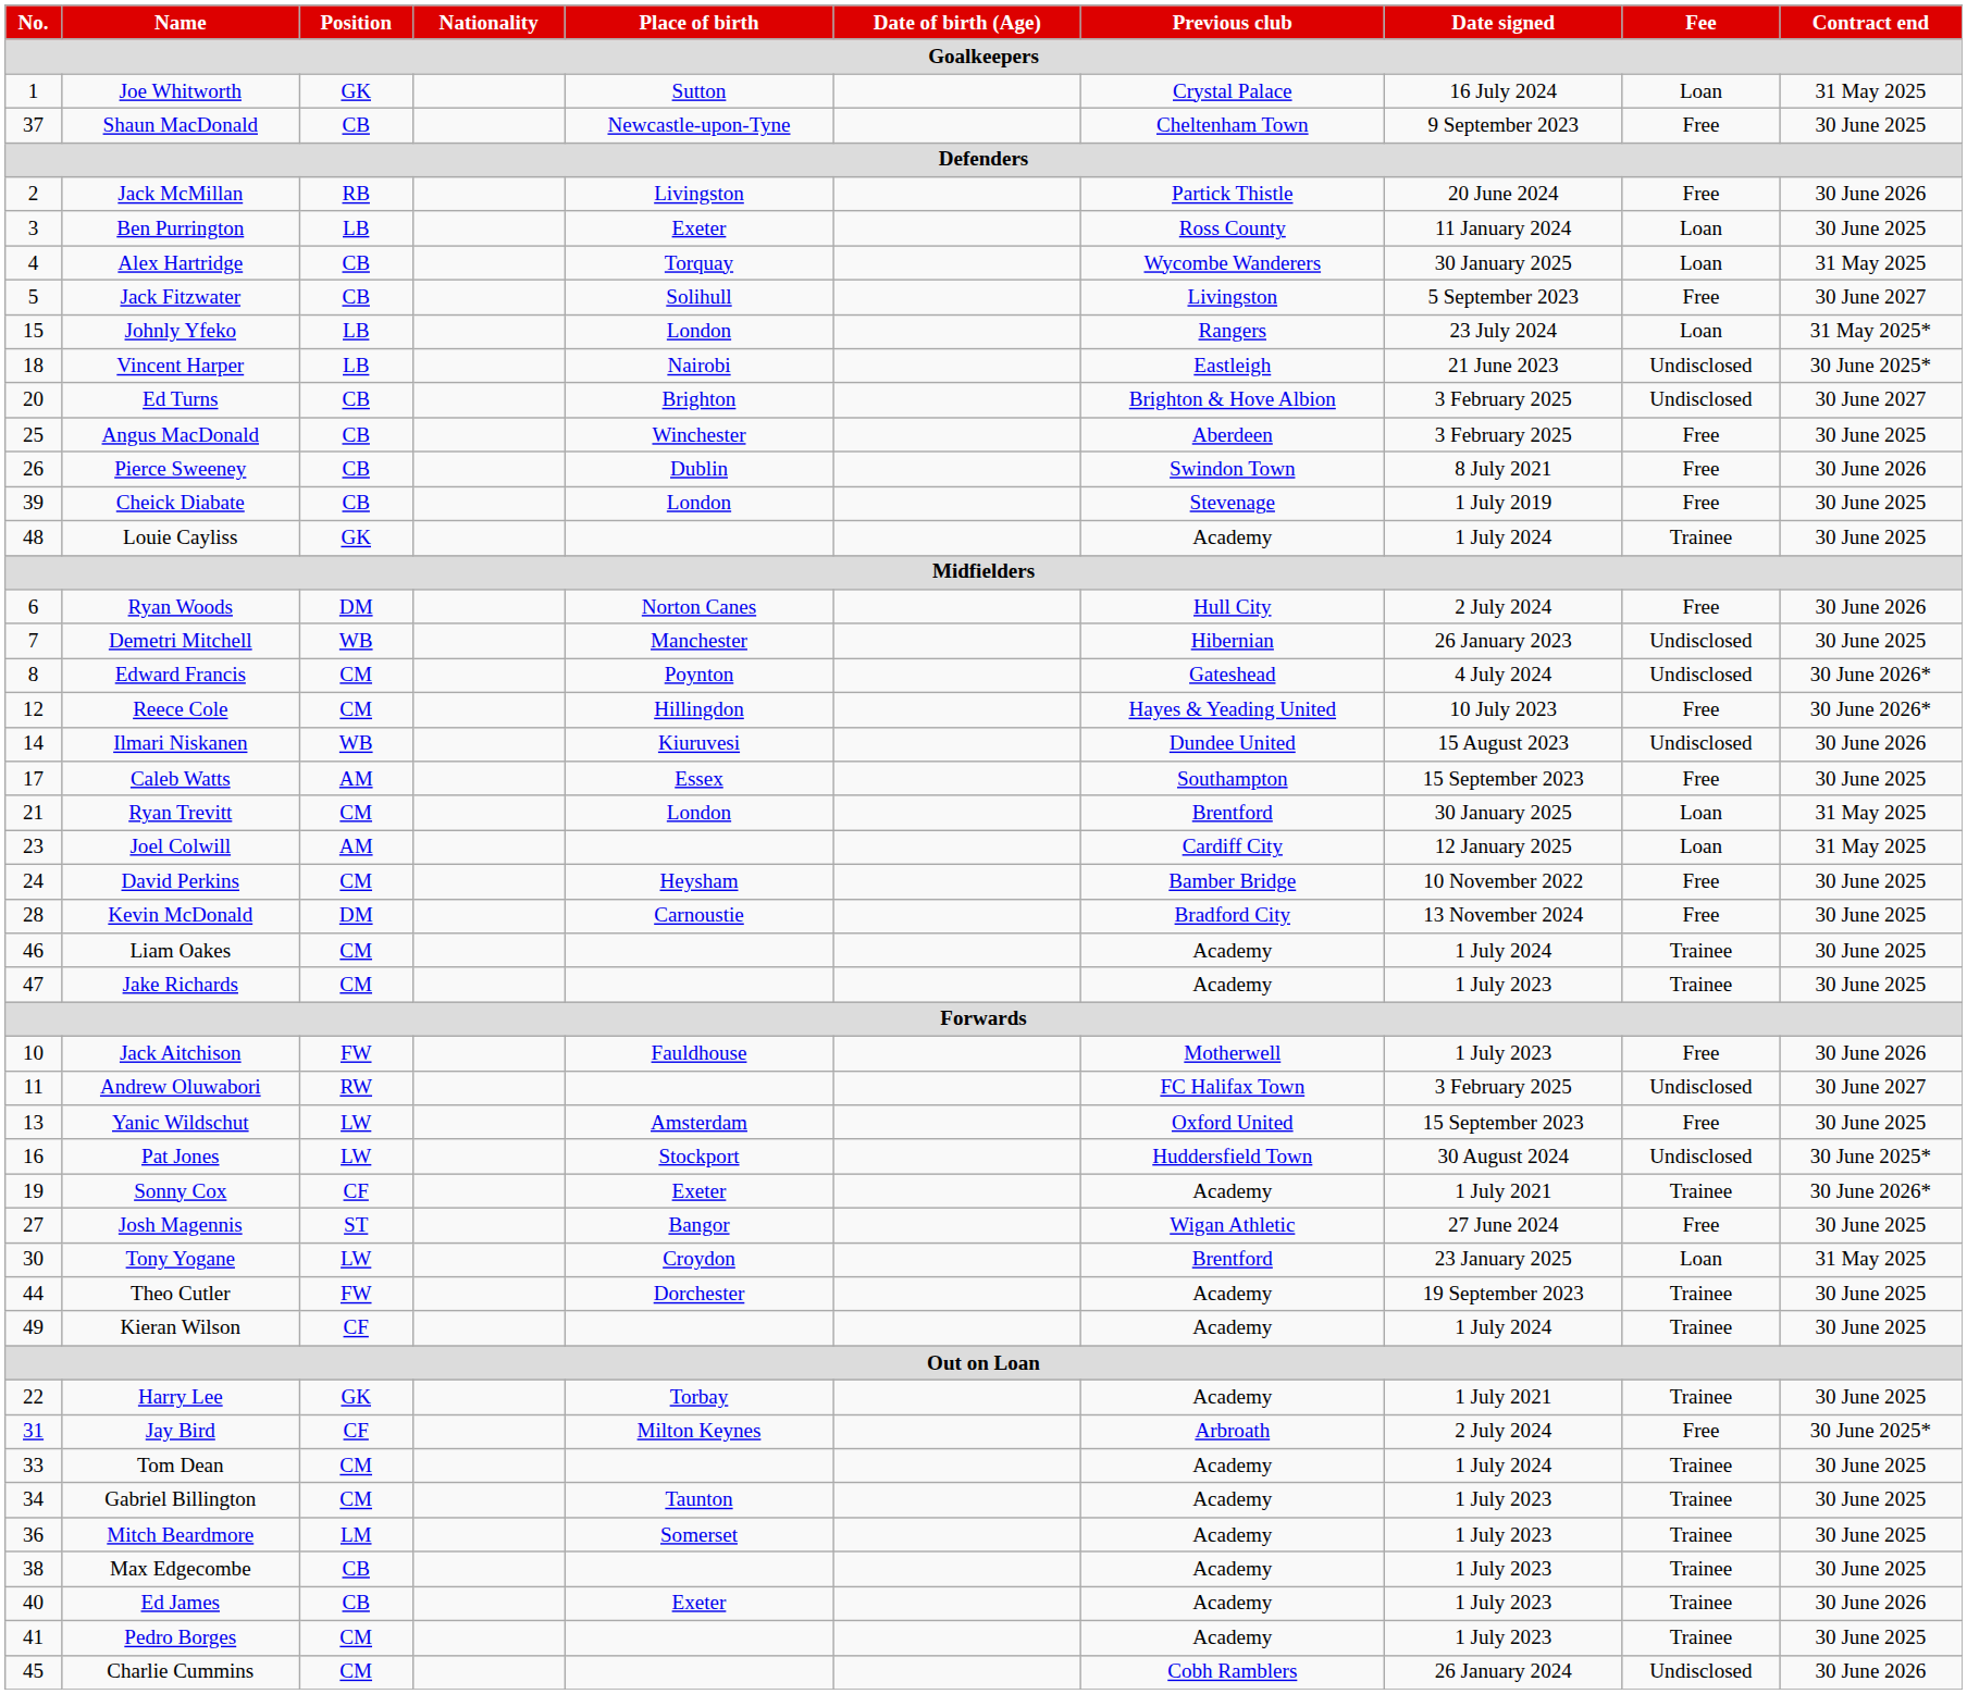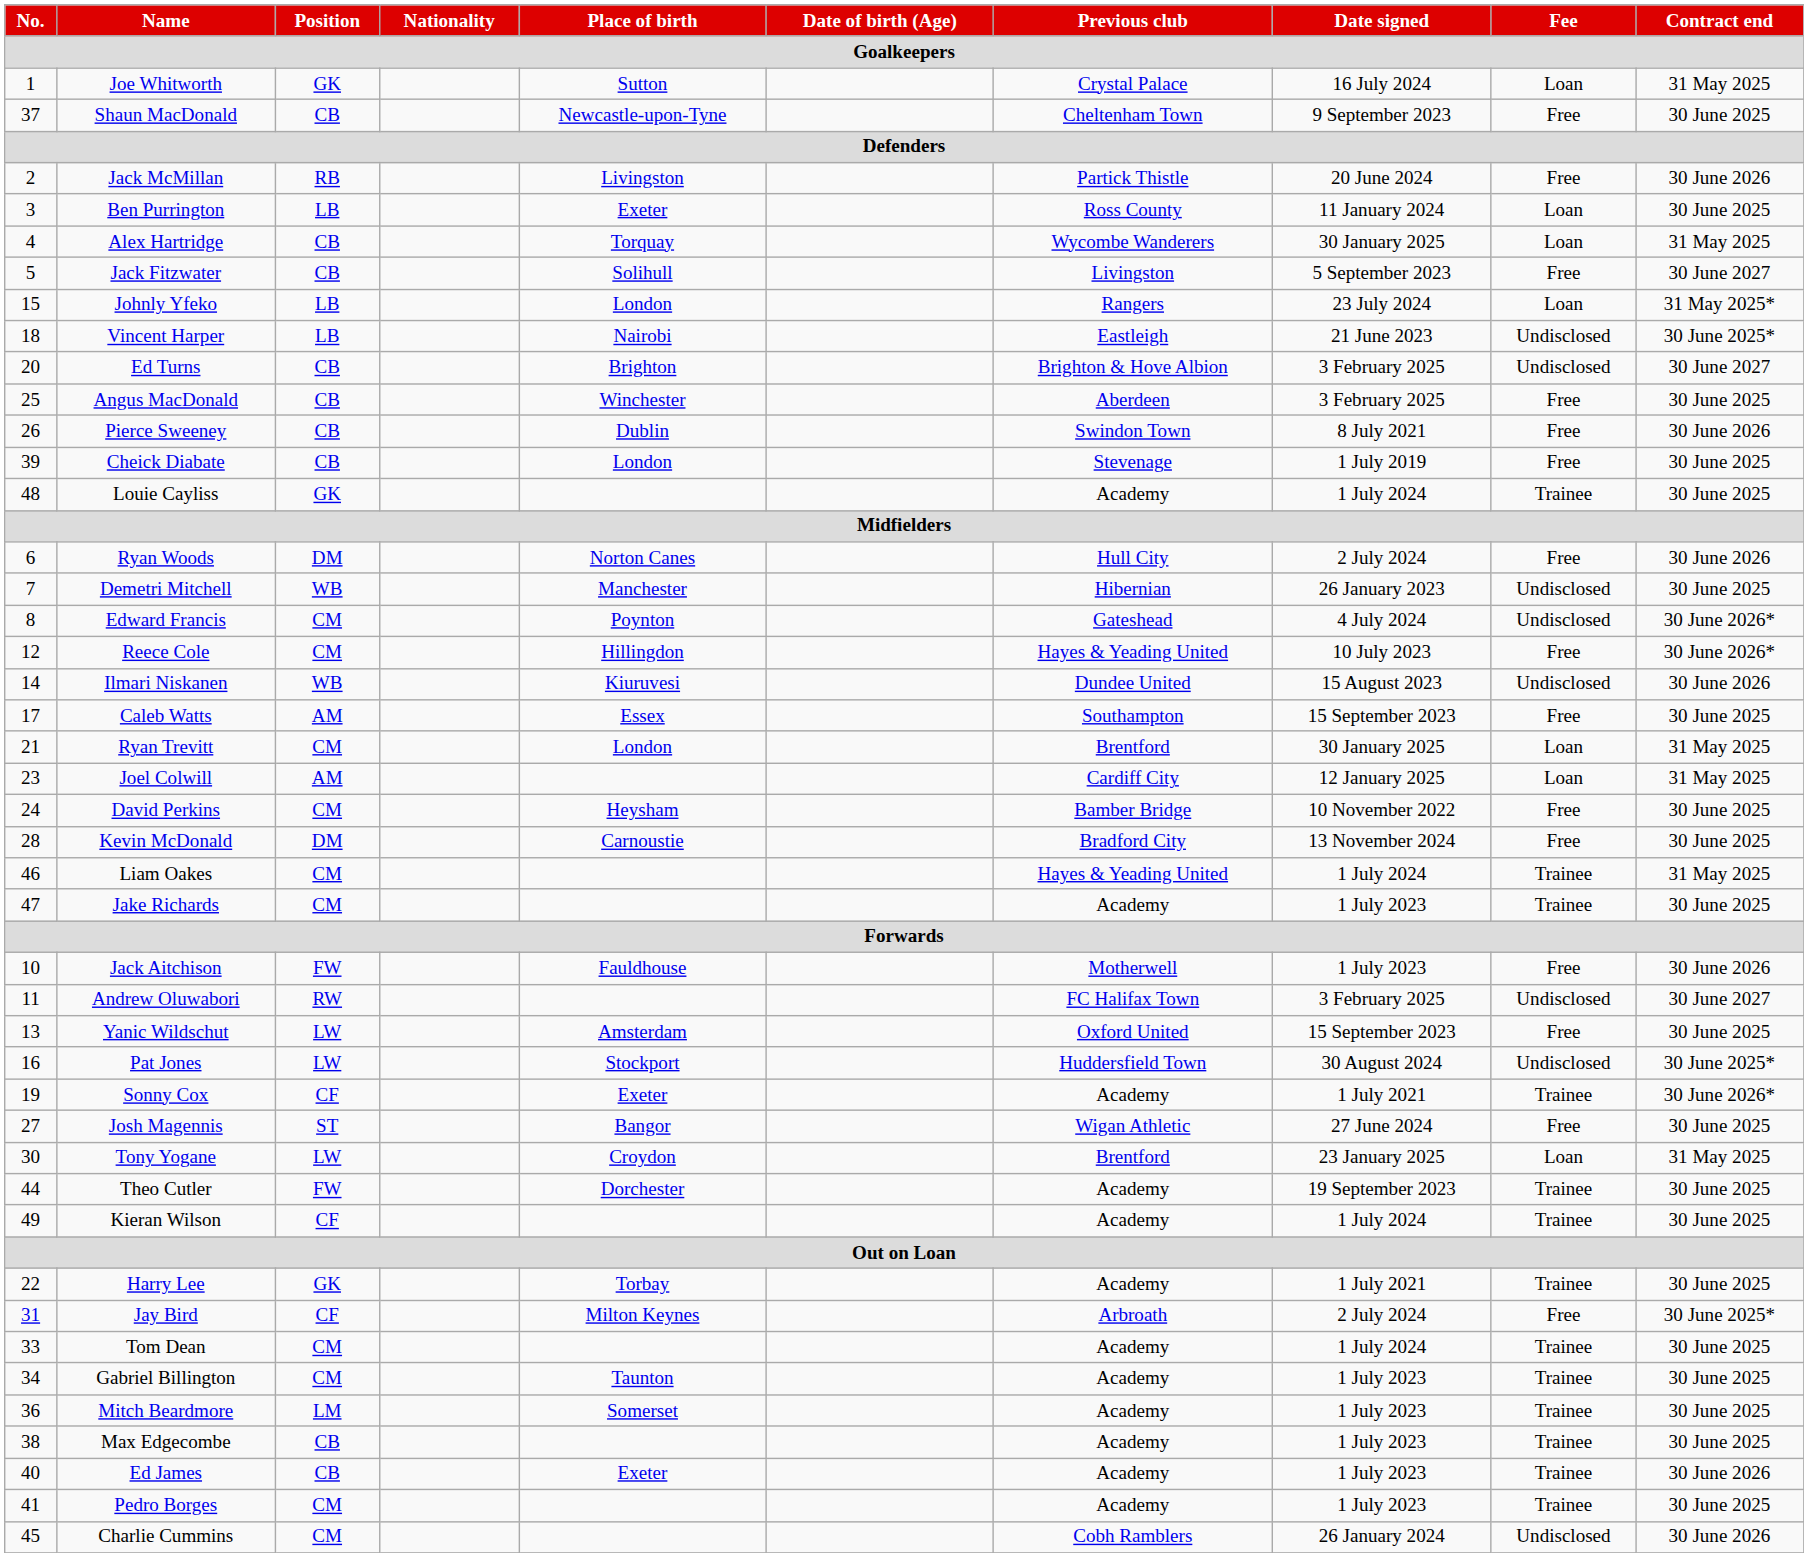 <table class="wikitable" style="text-align:center; font-size:84.5%; width:101%;">
 <tr>
 <th style="color:white; background:#d00; text-align:center;">No.</th>
 <th style="color:white; background:#d00; text-align:center;">Name</th>
 <th style="color:white; background:#d00; text-align:center;">Position</th>
 <th style="color:white; background:#d00; text-align:center;">Nationality</th>
 <th style="color:white; background:#d00; text-align:center;">Place of birth</th>
 <th style="color:white; background:#d00; text-align:center;">Date of birth (Age)</th>
 <th style="color:white; background:#d00; text-align:center;">Previous club</th>
 <th style="color:white; background:#d00; text-align:center;">Date signed</th>
 <th style="color:white; background:#d00; text-align:center;">Fee</th>
 <th style="color:white; background:#d00; text-align:center;">Contract end</th>
 </tr>
 <tr>
 <th colspan="14" style="background:#dcdcdc; tepxt-align:center;">Goalkeepers</th>
 </tr>
 <tr>
 <td>1</td>
 <td><a href='#'>Joe Whitworth</a></td>
 <td><a href='#'>GK</a></td>
 <td></td>
 <td><a href='#'>Sutton</a></td>
 <td></td>
 <td><a href='#'>Crystal Palace</a></td>
 <td>16 July 2024</td>
 <td>Loan</td>
 <td>31 May 2025</td>
 </tr>
 <tr>
 <td>37</td>
 <td><a href='#'>Shaun MacDonald</a></td>
 <td><a href='#'>CB</a></td>
 <td></td>
 <td><a href='#'>Newcastle-upon-Tyne</a></td>
 <td></td>
 <td><a href='#'>Cheltenham Town</a></td>
 <td>9 September 2023</td>
 <td>Free</td>
 <td>30 June 2025</td>
 </tr>
 <tr>
 <th colspan="14" style="background:#dcdcdc; tepxt-align:center;">Defenders</th>
 </tr>
 <tr>
 <td>2</td>
 <td><a href='#'>Jack McMillan</a></td>
 <td><a href='#'>RB</a></td>
 <td></td>
 <td><a href='#'>Livingston</a></td>
 <td></td>
 <td> <a href='#'>Partick Thistle</a></td>
 <td>20 June 2024</td>
 <td>Free</td>
 <td>30 June 2026</td>
 </tr>
 <tr>
 <td>3</td>
 <td><a href='#'>Ben Purrington</a></td>
 <td><a href='#'>LB</a></td>
 <td></td>
 <td><a href='#'>Exeter</a></td>
 <td></td>
 <td> <a href='#'>Ross County</a></td>
 <td>11 January 2024</td>
 <td>Loan</td>
 <td>30 June 2025</td>
 </tr>
 <tr>
 <td>4</td>
 <td><a href='#'>Alex Hartridge</a></td>
 <td><a href='#'>CB</a></td>
 <td></td>
 <td><a href='#'>Torquay</a></td>
 <td></td>
 <td><a href='#'>Wycombe Wanderers</a></td>
 <td>30 January 2025</td>
 <td>Loan</td>
 <td>31 May 2025</td>
 </tr>
 <tr>
 <td>5</td>
 <td><a href='#'>Jack Fitzwater</a></td>
 <td><a href='#'>CB</a></td>
 <td></td>
 <td><a href='#'>Solihull</a></td>
 <td></td>
 <td> <a href='#'>Livingston</a></td>
 <td>5 September 2023</td>
 <td>Free</td>
 <td>30 June 2027</td>
 </tr>
 <tr>
 <td>15</td>
 <td><a href='#'>Johnly Yfeko</a></td>
 <td><a href='#'>LB</a></td>
 <td></td>
 <td><a href='#'>London</a></td>
 <td></td>
 <td> <a href='#'>Rangers</a></td>
 <td>23 July 2024</td>
 <td>Loan</td>
 <td>31 May 2025*</td>
 </tr>
 <tr>
 <td>18</td>
 <td><a href='#'>Vincent Harper</a></td>
 <td><a href='#'>LB</a></td>
 <td></td>
 <td><a href='#'>Nairobi</a></td>
 <td></td>
 <td><a href='#'>Eastleigh</a></td>
 <td>21 June 2023</td>
 <td>Undisclosed</td>
 <td>30 June 2025*</td>
 </tr>
 <tr>
 <td>20</td>
 <td><a href='#'>Ed Turns</a></td>
 <td><a href='#'>CB</a></td>
 <td></td>
 <td> <a href='#'>Brighton</a></td>
 <td></td>
 <td><a href='#'>Brighton & Hove Albion</a></td>
 <td>3 February 2025</td>
 <td>Undisclosed</td>
 <td>30 June 2027</td>
 </tr>
 <tr>
 <td>25</td>
 <td><a href='#'>Angus MacDonald</a></td>
 <td><a href='#'>CB</a></td>
 <td></td>
 <td><a href='#'>Winchester</a></td>
 <td></td>
 <td> <a href='#'>Aberdeen</a></td>
 <td>3 February 2025</td>
 <td>Free</td>
 <td>30 June 2025</td>
 </tr>
 <tr>
 <td>26</td>
 <td><a href='#'>Pierce Sweeney</a></td>
 <td><a href='#'>CB</a></td>
 <td></td>
 <td><a href='#'>Dublin</a></td>
 <td></td>
 <td><a href='#'>Swindon Town</a></td>
 <td>8 July 2021</td>
 <td>Free</td>
 <td>30 June 2026</td>
 </tr>
 <tr>
 <td>39</td>
 <td><a href='#'>Cheick Diabate</a></td>
 <td><a href='#'>CB</a></td>
 <td></td>
 <td><a href='#'>London</a></td>
 <td></td>
 <td><a href='#'>Stevenage</a></td>
 <td>1 July 2019</td>
 <td>Free</td>
 <td>30 June 2025</td>
 </tr>
 <tr>
 <td>48</td>
 <td>Louie Cayliss</td>
 <td><a href='#'>GK</a></td>
 <td></td>
 <td></td>
 <td></td>
 <td>Academy</td>
 <td>1 July 2024</td>
 <td>Trainee</td>
 <td>30 June 2025</td>
 </tr>
 <tr>
 <th colspan="14" style="background:#dcdcdc; tepxt-align:center;">Midfielders</th>
 </tr>
 <tr>
 <td>6</td>
 <td><a href='#'>Ryan Woods</a></td>
 <td><a href='#'>DM</a></td>
 <td></td>
 <td><a href='#'>Norton Canes</a></td>
 <td></td>
 <td><a href='#'>Hull City</a></td>
 <td>2 July 2024</td>
 <td>Free</td>
 <td>30 June 2026</td>
 </tr>
 <tr>
 <td>7</td>
 <td><a href='#'>Demetri Mitchell</a></td>
 <td><a href='#'>WB</a></td>
 <td></td>
 <td><a href='#'>Manchester</a></td>
 <td></td>
 <td> <a href='#'>Hibernian</a></td>
 <td>26 January 2023</td>
 <td>Undisclosed</td>
 <td>30 June 2025</td>
 </tr>
 <tr>
 <td>8</td>
 <td><a href='#'>Edward Francis</a></td>
 <td><a href='#'>CM</a></td>
 <td></td>
 <td><a href='#'>Poynton</a></td>
 <td></td>
 <td><a href='#'>Gateshead</a></td>
 <td>4 July 2024</td>
 <td>Undisclosed</td>
 <td>30 June 2026*</td>
 </tr>
 <tr>
 <td>12</td>
 <td><a href='#'>Reece Cole</a></td>
 <td><a href='#'>CM</a></td>
 <td></td>
 <td><a href='#'>Hillingdon</a></td>
 <td></td>
 <td><a href='#'>Hayes & Yeading United</a></td>
 <td>10 July 2023</td>
 <td>Free</td>
 <td>30 June 2026*</td>
 </tr>
 <tr>
 <td>14</td>
 <td><a href='#'>Ilmari Niskanen</a></td>
 <td><a href='#'>WB</a></td>
 <td></td>
 <td><a href='#'>Kiuruvesi</a></td>
 <td></td>
 <td> <a href='#'>Dundee United</a></td>
 <td>15 August 2023</td>
 <td>Undisclosed</td>
 <td>30 June 2026</td>
 </tr>
 <tr>
 <td>17</td>
 <td><a href='#'>Caleb Watts</a></td>
 <td><a href='#'>AM</a></td>
 <td></td>
 <td> <a href='#'>Essex</a></td>
 <td></td>
 <td><a href='#'>Southampton</a></td>
 <td>15 September 2023</td>
 <td>Free</td>
 <td>30 June 2025</td>
 </tr>
 <tr>
 <td>21</td>
 <td><a href='#'>Ryan Trevitt</a></td>
 <td><a href='#'>CM</a></td>
 <td></td>
 <td><a href='#'>London</a></td>
 <td></td>
 <td><a href='#'>Brentford</a></td>
 <td>30 January 2025</td>
 <td>Loan</td>
 <td>31 May 2025</td>
 </tr>
 <tr>
 <td>23</td>
 <td><a href='#'>Joel Colwill</a></td>
 <td><a href='#'>AM</a></td>
 <td></td>
 <td></td>
 <td></td>
 <td> <a href='#'>Cardiff City</a></td>
 <td>12 January 2025</td>
 <td>Loan</td>
 <td>31 May 2025</td>
 </tr>
 <tr>
 <td>24</td>
 <td><a href='#'>David Perkins</a></td>
 <td><a href='#'>CM</a></td>
 <td></td>
 <td><a href='#'>Heysham</a></td>
 <td></td>
 <td><a href='#'>Bamber Bridge</a></td>
 <td>10 November 2022</td>
 <td>Free</td>
 <td>30 June 2025</td>
 </tr>
 <tr>
 <td>28</td>
 <td><a href='#'>Kevin McDonald</a></td>
 <td><a href='#'>DM</a></td>
 <td></td>
 <td><a href='#'>Carnoustie</a></td>
 <td></td>
 <td><a href='#'>Bradford City</a></td>
 <td>13 November 2024</td>
 <td>Free</td>
 <td>30 June 2025</td>
 </tr>
 <tr>
 <td>46</td>
 <td>Liam Oakes</td>
 <td><a href='#'>CM</a></td>
 <td></td>
 <td></td>
 <td></td>
-<td>Academy</td>
+<td><a href='#'>Hayes & Yeading United</a></td>
 <td>1 July 2024</td>
 <td>Trainee</td>
-<td>30 June 2025</td>
+<td>31 May 2025</td>
 </tr>
 <tr>
 <td>47</td>
 <td><a href='#'>Jake Richards</a></td>
 <td><a href='#'>CM</a></td>
 <td></td>
 <td></td>
 <td></td>
 <td>Academy</td>
 <td>1 July 2023</td>
 <td>Trainee</td>
 <td>30 June 2025</td>
 </tr>
 <tr>
 <th colspan="14" style="background:#dcdcdc; tepxt-align:center;">Forwards</th>
 </tr>
 <tr>
 <td>10</td>
 <td><a href='#'>Jack Aitchison</a></td>
 <td><a href='#'>FW</a></td>
 <td></td>
 <td><a href='#'>Fauldhouse</a></td>
 <td></td>
 <td> <a href='#'>Motherwell</a></td>
 <td>1 July 2023</td>
 <td>Free</td>
 <td>30 June 2026</td>
 </tr>
 <tr>
 <td>11</td>
 <td><a href='#'>Andrew Oluwabori</a></td>
 <td><a href='#'>RW</a></td>
 <td></td>
 <td></td>
 <td></td>
 <td><a href='#'>FC Halifax Town</a></td>
 <td>3 February 2025</td>
 <td>Undisclosed</td>
 <td>30 June 2027</td>
 </tr>
 <tr>
 <td>13</td>
 <td><a href='#'>Yanic Wildschut</a></td>
 <td><a href='#'>LW</a></td>
 <td></td>
 <td> <a href='#'>Amsterdam</a></td>
 <td></td>
 <td><a href='#'>Oxford United</a></td>
 <td>15 September 2023</td>
 <td>Free</td>
 <td>30 June 2025</td>
 </tr>
 <tr>
 <td>16</td>
 <td><a href='#'>Pat Jones</a></td>
 <td><a href='#'>LW</a></td>
 <td></td>
 <td> <a href='#'>Stockport</a></td>
 <td></td>
 <td><a href='#'>Huddersfield Town</a></td>
 <td>30 August 2024</td>
 <td>Undisclosed</td>
 <td>30 June 2025*</td>
 </tr>
 <tr>
 <td>19</td>
 <td><a href='#'>Sonny Cox</a></td>
 <td><a href='#'>CF</a></td>
 <td></td>
 <td><a href='#'>Exeter</a></td>
 <td></td>
 <td>Academy</td>
 <td>1 July 2021</td>
 <td>Trainee</td>
 <td>30 June 2026*</td>
 </tr>
 <tr>
 <td>27</td>
 <td><a href='#'>Josh Magennis</a></td>
 <td><a href='#'>ST</a></td>
 <td></td>
 <td><a href='#'>Bangor</a></td>
 <td></td>
 <td><a href='#'>Wigan Athletic</a></td>
 <td>27 June 2024</td>
 <td>Free</td>
 <td>30 June 2025</td>
 </tr>
 <tr>
 <td>30</td>
 <td><a href='#'>Tony Yogane</a></td>
 <td><a href='#'>LW</a></td>
 <td></td>
 <td><a href='#'>Croydon</a></td>
 <td></td>
 <td><a href='#'>Brentford</a></td>
 <td>23 January 2025</td>
 <td>Loan</td>
 <td>31 May 2025</td>
 </tr>
 <tr>
 <td>44</td>
 <td>Theo Cutler</td>
 <td><a href='#'>FW</a></td>
 <td></td>
 <td><a href='#'>Dorchester</a></td>
 <td></td>
 <td>Academy</td>
 <td>19 September 2023</td>
 <td>Trainee</td>
 <td>30 June 2025</td>
 </tr>
 <tr>
 <td>49</td>
 <td>Kieran Wilson</td>
 <td><a href='#'>CF</a></td>
 <td></td>
 <td></td>
 <td></td>
 <td>Academy</td>
 <td>1 July 2024</td>
 <td>Trainee</td>
 <td>30 June 2025</td>
 </tr>
 <tr>
 <th colspan="14" style="background:#dcdcdc; tepxt-align:center;">Out on Loan</th>
 </tr>
 <tr>
 <td>22</td>
 <td><a href='#'>Harry Lee</a></td>
 <td><a href='#'>GK</a></td>
 <td></td>
 <td><a href='#'>Torbay</a></td>
 <td></td>
 <td>Academy</td>
 <td>1 July 2021</td>
 <td>Trainee</td>
 <td>30 June 2025</td>
 </tr>
 <tr>
 <td><a href='#'>31</a></td>
 <td><a href='#'>Jay Bird</a></td>
 <td><a href='#'>CF</a></td>
 <td></td>
 <td><a href='#'>Milton Keynes</a></td>
 <td></td>
 <td> <a href='#'>Arbroath</a></td>
 <td>2 July 2024</td>
 <td>Free</td>
 <td>30 June 2025*</td>
 </tr>
 <tr>
 <td>33</td>
 <td>Tom Dean</td>
 <td><a href='#'>CM</a></td>
 <td></td>
 <td></td>
 <td></td>
 <td>Academy</td>
 <td>1 July 2024</td>
 <td>Trainee</td>
 <td>30 June 2025</td>
 </tr>
 <tr>
 <td>34</td>
 <td>Gabriel Billington</td>
 <td><a href='#'>CM</a></td>
 <td></td>
 <td><a href='#'>Taunton</a></td>
 <td></td>
 <td>Academy</td>
 <td>1 July 2023</td>
 <td>Trainee</td>
 <td>30 June 2025</td>
 </tr>
 <tr>
 <td>36</td>
 <td><a href='#'>Mitch Beardmore</a></td>
 <td><a href='#'>LM</a></td>
 <td></td>
 <td><a href='#'>Somerset</a></td>
 <td></td>
 <td>Academy</td>
 <td>1 July 2023</td>
 <td>Trainee</td>
 <td>30 June 2025</td>
 </tr>
 <tr>
 <td>38</td>
 <td>Max Edgecombe</td>
 <td><a href='#'>CB</a></td>
 <td></td>
 <td></td>
 <td></td>
 <td>Academy</td>
 <td>1 July 2023</td>
 <td>Trainee</td>
 <td>30 June 2025</td>
 </tr>
 <tr>
 <td>40</td>
 <td><a href='#'>Ed James</a></td>
 <td><a href='#'>CB</a></td>
 <td></td>
 <td> <a href='#'>Exeter</a></td>
 <td></td>
 <td>Academy</td>
 <td>1 July 2023</td>
 <td>Trainee</td>
 <td>30 June 2026</td>
 </tr>
 <tr>
 <td>41</td>
 <td><a href='#'>Pedro Borges</a></td>
 <td><a href='#'>CM</a></td>
 <td></td>
 <td></td>
 <td></td>
 <td>Academy</td>
 <td>1 July 2023</td>
 <td>Trainee</td>
 <td>30 June 2025</td>
 </tr>
 <tr>
 <td>45</td>
 <td>Charlie Cummins</td>
 <td><a href='#'>CM</a></td>
 <td></td>
 <td></td>
 <td></td>
 <td> <a href='#'>Cobh Ramblers</a></td>
 <td>26 January 2024</td>
 <td>Undisclosed</td>
 <td>30 June 2026</td>
 </tr>
 </table>
